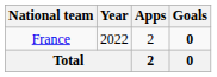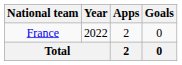 <table class="wikitable" style="text-align: center;">
 <tr>
 <th>National team</th>
 <th>Year</th>
 <th>Apps</th>
 <th>Goals</th>
 </tr>
 <tr>
 <td><a href='#'>France</a></td>
 <td>2022</td>
 <td>2</td>
-<td><strong>0</strong></td>
+<td>0</td>
 </tr>
 <tr>
 <th colspan="2">Total</th>
 <th>2</th>
 <th>0</th>
 </tr>
 </table>
